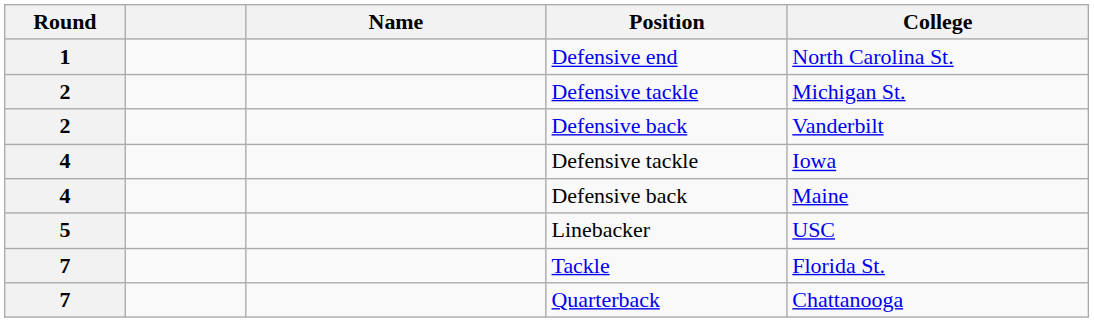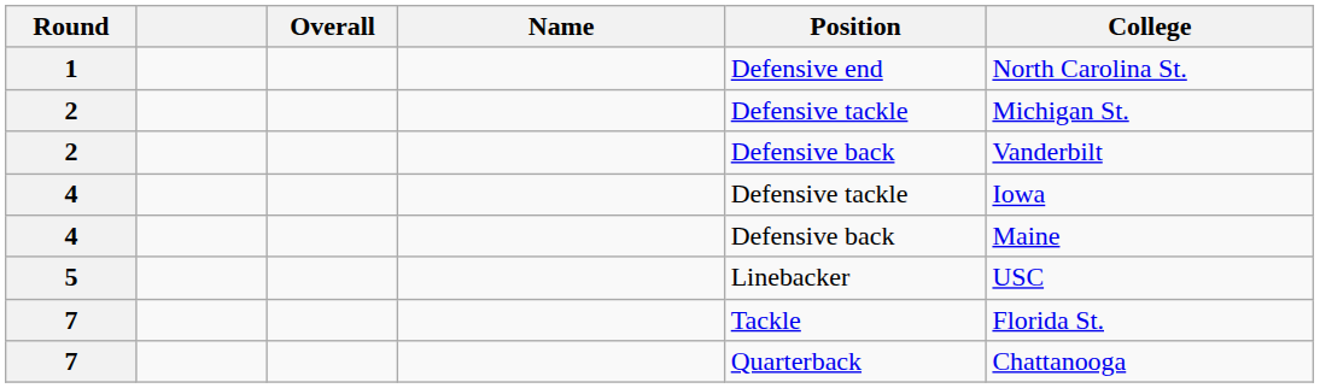 <table class="wikitable sortable" style="width: 50%;">
 <tr>
 <th scope="col" style="width: 10%;">Round</th>
 <th scope="col" style="width: 10%;"></th>
+<th scope="col" style="width: 10%;">Overall</th>
 <th scope="col" style="width: 25%;">Name</th>
 <th scope="col" style="width: 20%;">Position</th>
 <th scope="col" style="width: 25%;">College</th>
 </tr>
 <tr>
 <th scope="row">1</th>
+<td></td>
 <td></td>
 <td></td>
 <td><a href='#'>Defensive end</a></td>
 <td><a href='#'>North Carolina St.</a></td>
 </tr>
 <tr>
 <th scope="row">2</th>
 <td></td>
 <td></td>
+<td></td>
 <td><a href='#'>Defensive tackle</a></td>
 <td><a href='#'>Michigan St.</a></td>
 </tr>
 <tr>
 <th scope="row">2</th>
+<td></td>
 <td></td>
 <td></td>
 <td><a href='#'>Defensive back</a></td>
 <td><a href='#'>Vanderbilt</a></td>
 </tr>
 <tr>
 <th scope="row">4</th>
 <td></td>
 <td></td>
+<td></td>
 <td>Defensive tackle</td>
 <td><a href='#'>Iowa</a></td>
 </tr>
 <tr>
 <th scope="row">4</th>
+<td></td>
 <td></td>
 <td></td>
 <td>Defensive back</td>
 <td><a href='#'>Maine</a></td>
 </tr>
 <tr>
 <th scope="row">5</th>
 <td></td>
 <td></td>
+<td></td>
 <td>Linebacker</td>
 <td><a href='#'>USC</a></td>
 </tr>
 <tr>
 <th scope="row">7</th>
+<td></td>
 <td></td>
 <td></td>
 <td><a href='#'>Tackle</a></td>
 <td><a href='#'>Florida St.</a></td>
 </tr>
 <tr>
 <th scope="row">7</th>
 <td></td>
 <td></td>
+<td></td>
 <td><a href='#'>Quarterback</a></td>
 <td><a href='#'>Chattanooga</a></td>
 </tr>
 </table>
